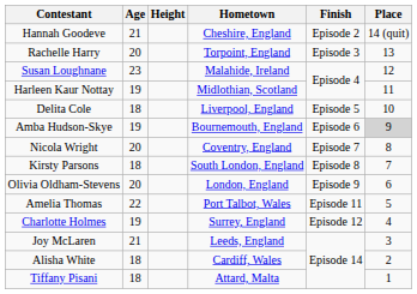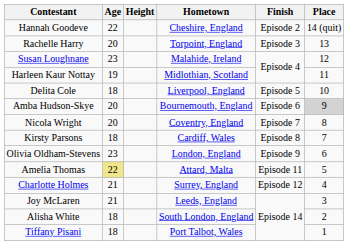 <table class="wikitable sortable" style="text-align:center;">
 <tr>
 <th>Contestant</th>
 <th>Age</th>
 <th>Height</th>
 <th>Hometown</th>
 <th>Finish</th>
 <th>Place</th>
 </tr>
 <tr>
 <td>Hannah Goodeve</td>
-<td>21</td>
+<td>22</td>
 <td></td>
 <td><a href='#'>Cheshire, England</a></td>
 <td>Episode 2</td>
 <td>14 (quit)</td>
 </tr>
 <tr>
 <td>Rachelle Harry</td>
 <td>20</td>
 <td></td>
 <td><a href='#'>Torpoint, England</a></td>
 <td>Episode 3</td>
 <td>13</td>
 </tr>
 <tr>
 <td><a href='#'>Susan Loughnane</a></td>
 <td>23</td>
 <td></td>
 <td><a href='#'>Malahide, Ireland</a></td>
 <td rowspan="2">Episode 4</td>
 <td>12</td>
 </tr>
 <tr>
 <td>Harleen Kaur Nottay</td>
 <td>19</td>
 <td></td>
 <td><a href='#'>Midlothian, Scotland</a></td>
 <td>11</td>
 </tr>
 <tr>
 <td>Delita Cole</td>
 <td>18</td>
 <td></td>
 <td><a href='#'>Liverpool, England</a></td>
 <td>Episode 5</td>
 <td>10</td>
 </tr>
 <tr>
 <td>Amba Hudson-Skye</td>
-<td>19</td>
+<td>20</td>
 <td></td>
 <td><a href='#'>Bournemouth, England</a></td>
 <td>Episode 6</td>
 <td style="background: lightgrey;">9</td>
 </tr>
 <tr>
 <td>Nicola Wright</td>
 <td>20</td>
 <td></td>
 <td><a href='#'>Coventry, England</a></td>
 <td>Episode 7</td>
 <td>8</td>
 </tr>
 <tr>
 <td>Kirsty Parsons</td>
 <td>18</td>
 <td></td>
-<td><a href='#'>South London, England</a></td>
+<td><a href='#'>Cardiff, Wales</a></td>
 <td>Episode 8</td>
 <td>7</td>
 </tr>
 <tr>
 <td>Olivia Oldham-Stevens</td>
-<td>20</td>
+<td>23</td>
 <td></td>
 <td><a href='#'>London, England</a></td>
 <td>Episode 9</td>
 <td>6</td>
 </tr>
 <tr>
 <td>Amelia Thomas</td>
-<td>22</td>
+<td style="background: khaki;">22</td>
 <td></td>
-<td><a href='#'>Port Talbot, Wales</a></td>
+<td><a href='#'>Attard, Malta</a></td>
 <td>Episode 11</td>
 <td>5</td>
 </tr>
 <tr>
 <td><a href='#'>Charlotte Holmes</a></td>
-<td>19</td>
+<td>21</td>
 <td></td>
 <td><a href='#'>Surrey, England</a></td>
 <td>Episode 12</td>
 <td>4</td>
 </tr>
 <tr>
 <td>Joy McLaren</td>
 <td>21</td>
 <td></td>
 <td><a href='#'>Leeds, England</a></td>
 <td rowspan="3">Episode 14</td>
 <td>3</td>
 </tr>
 <tr>
 <td>Alisha White</td>
 <td>18</td>
 <td></td>
-<td><a href='#'>Cardiff, Wales</a></td>
+<td><a href='#'>South London, England</a></td>
 <td>2</td>
 </tr>
 <tr>
 <td><a href='#'>Tiffany Pisani</a></td>
 <td>18</td>
 <td></td>
-<td><a href='#'>Attard, Malta</a></td>
+<td><a href='#'>Port Talbot, Wales</a></td>
 <td>1</td>
 </tr>
 </table>
